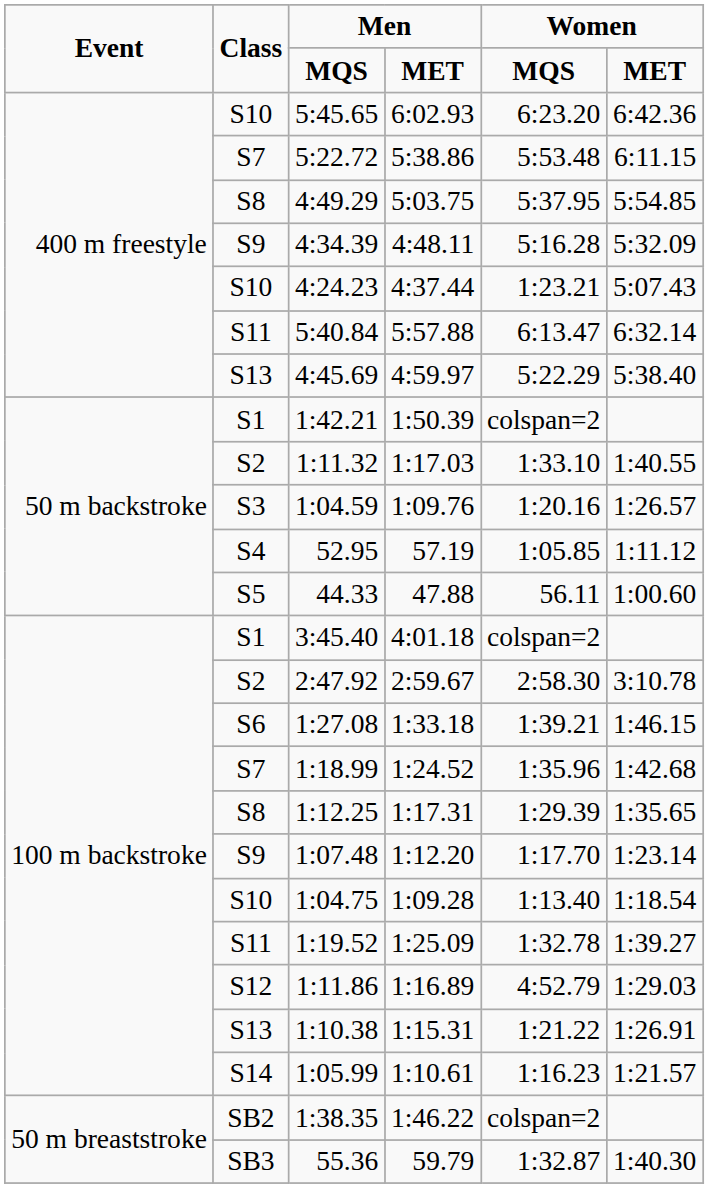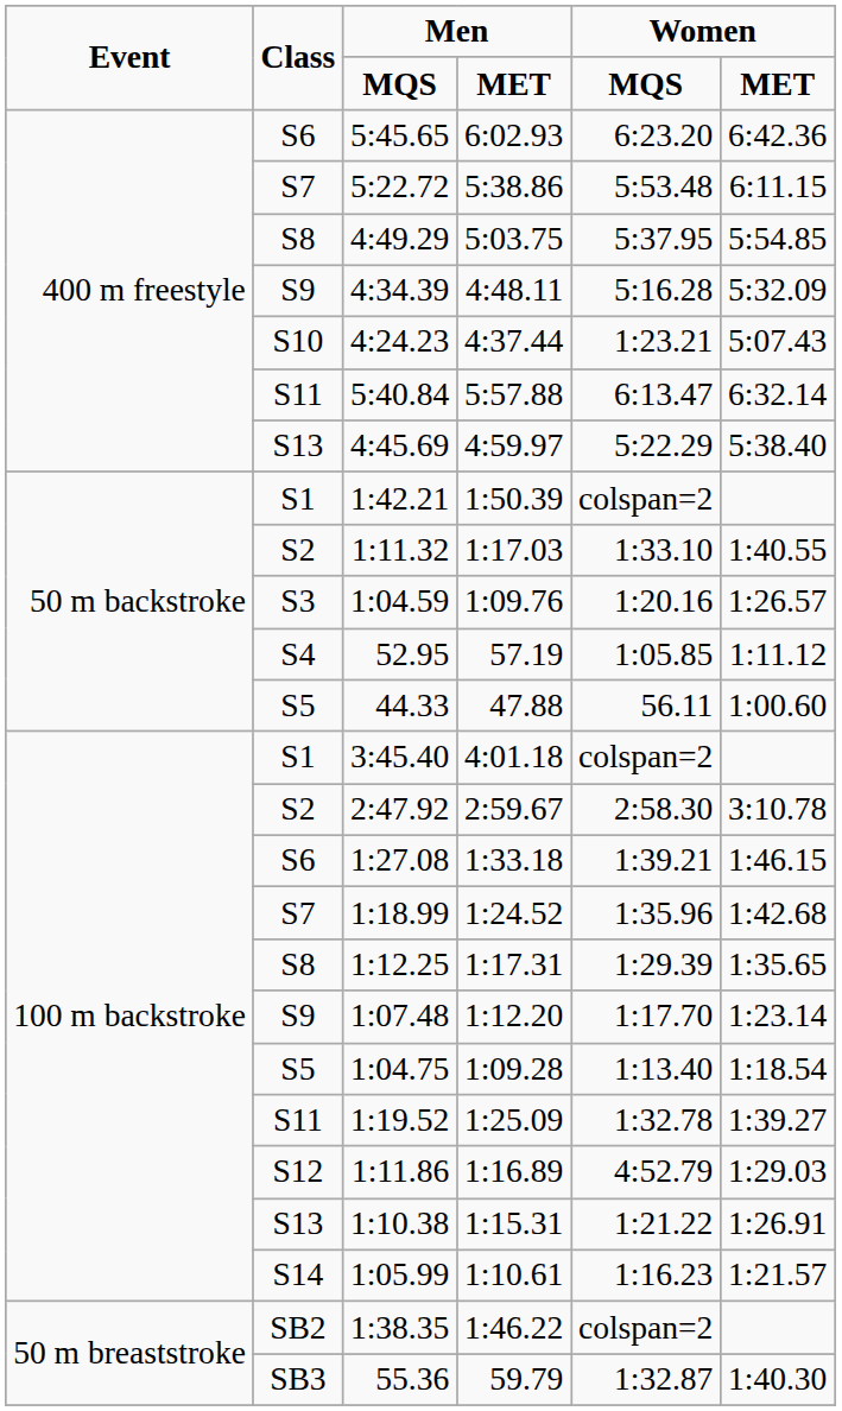 <table class="wikitable" style="text-align:right">
 <tr>
 <td align="center" rowspan="2"><strong>Event</strong></td>
 <td align="center" rowspan="2"><strong>Class</strong></td>
 <td align="center" colspan="2"><strong>Men</strong></td>
 <td align="center" colspan="2"><strong>Women</strong></td>
 </tr>
 <tr>
 <td align="center"><strong>MQS</strong></td>
 <td align="center"><strong>MET</strong></td>
 <td align="center"><strong>MQS</strong></td>
 <td align="center"><strong>MET</strong></td>
 </tr>
 <tr>
 <td rowspan="7">400 m freestyle</td>
-<td align="center">S10</td>
+<td align="center">S6</td>
 <td>5:45.65</td>
 <td>6:02.93</td>
 <td>6:23.20</td>
 <td>6:42.36</td>
 </tr>
 <tr>
 <td align="center">S7</td>
 <td>5:22.72</td>
 <td>5:38.86</td>
 <td>5:53.48</td>
 <td>6:11.15</td>
 </tr>
 <tr>
 <td align="center">S8</td>
 <td>4:49.29</td>
 <td>5:03.75</td>
 <td>5:37.95</td>
 <td>5:54.85</td>
 </tr>
 <tr>
 <td align="center">S9</td>
 <td>4:34.39</td>
 <td>4:48.11</td>
 <td>5:16.28</td>
 <td>5:32.09</td>
 </tr>
 <tr>
 <td align="center">S10</td>
 <td>4:24.23</td>
 <td>4:37.44</td>
 <td>1:23.21</td>
 <td>5:07.43</td>
 </tr>
 <tr>
 <td align="center">S11</td>
 <td>5:40.84</td>
 <td>5:57.88</td>
 <td>6:13.47</td>
 <td>6:32.14</td>
 </tr>
 <tr>
 <td align="center">S13</td>
 <td>4:45.69</td>
 <td>4:59.97</td>
 <td>5:22.29</td>
 <td>5:38.40</td>
 </tr>
 <tr>
 <td rowspan="5">50 m backstroke</td>
 <td align="center">S1</td>
 <td>1:42.21</td>
 <td>1:50.39</td>
 <td>colspan=2 </td>
 </tr>
 <tr>
 <td align="center">S2</td>
 <td>1:11.32</td>
 <td>1:17.03</td>
 <td>1:33.10</td>
 <td>1:40.55</td>
 </tr>
 <tr>
 <td align="center">S3</td>
 <td>1:04.59</td>
 <td>1:09.76</td>
 <td>1:20.16</td>
 <td>1:26.57</td>
 </tr>
 <tr>
 <td align="center">S4</td>
 <td>52.95</td>
 <td>57.19</td>
 <td>1:05.85</td>
 <td>1:11.12</td>
 </tr>
 <tr>
 <td align="center">S5</td>
 <td>44.33</td>
 <td>47.88</td>
 <td>56.11</td>
 <td>1:00.60</td>
 </tr>
 <tr>
 <td rowspan="11">100 m backstroke</td>
 <td align="center">S1</td>
 <td>3:45.40</td>
 <td>4:01.18</td>
 <td>colspan=2 </td>
 </tr>
 <tr>
 <td align="center">S2</td>
 <td>2:47.92</td>
 <td>2:59.67</td>
 <td>2:58.30</td>
 <td>3:10.78</td>
 </tr>
 <tr>
 <td align="center">S6</td>
 <td>1:27.08</td>
 <td>1:33.18</td>
 <td>1:39.21</td>
 <td>1:46.15</td>
 </tr>
 <tr>
 <td align="center">S7</td>
 <td>1:18.99</td>
 <td>1:24.52</td>
 <td>1:35.96</td>
 <td>1:42.68</td>
 </tr>
 <tr>
 <td align="center">S8</td>
 <td>1:12.25</td>
 <td>1:17.31</td>
 <td>1:29.39</td>
 <td>1:35.65</td>
 </tr>
 <tr>
 <td align="center">S9</td>
 <td>1:07.48</td>
 <td>1:12.20</td>
 <td>1:17.70</td>
 <td>1:23.14</td>
 </tr>
 <tr>
-<td align="center">S10</td>
+<td align="center">S5</td>
 <td>1:04.75</td>
 <td>1:09.28</td>
 <td>1:13.40</td>
 <td>1:18.54</td>
 </tr>
 <tr>
 <td align="center">S11</td>
 <td>1:19.52</td>
 <td>1:25.09</td>
 <td>1:32.78</td>
 <td>1:39.27</td>
 </tr>
 <tr>
 <td align="center">S12</td>
 <td>1:11.86</td>
 <td>1:16.89</td>
 <td>4:52.79</td>
 <td>1:29.03</td>
 </tr>
 <tr>
 <td align="center">S13</td>
 <td>1:10.38</td>
 <td>1:15.31</td>
 <td>1:21.22</td>
 <td>1:26.91</td>
 </tr>
 <tr>
 <td align="center">S14</td>
 <td>1:05.99</td>
 <td>1:10.61</td>
 <td>1:16.23</td>
 <td>1:21.57</td>
 </tr>
 <tr>
 <td rowspan="2">50 m breaststroke</td>
 <td align="center">SB2</td>
 <td>1:38.35</td>
 <td>1:46.22</td>
 <td>colspan=2 </td>
 </tr>
 <tr>
 <td align="center">SB3</td>
 <td>55.36</td>
 <td>59.79</td>
 <td>1:32.87</td>
 <td>1:40.30</td>
 </tr>
 </table>
